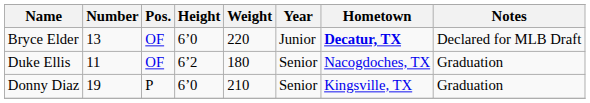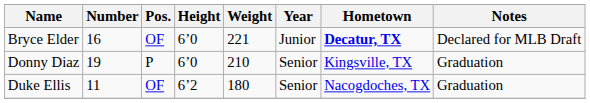 <table class="wikitable sortable collapsible">
 <tr>
 </tr>
 <tr>
 <th style="text-align:center; ">Name</th>
 <th style="text-align:center; ">Number</th>
 <th style="text-align:center; ">Pos.</th>
 <th style="text-align:center; ">Height</th>
 <th style="text-align:center; ">Weight</th>
 <th style="text-align:center; ">Year</th>
 <th style="text-align:center; ">Hometown</th>
 <th style="text-align:center; ">Notes</th>
 </tr>
 <tr>
 <td>Bryce Elder</td>
-<td>13</td>
+<td>16</td>
 <td><a href='#'>OF</a></td>
 <td>6’0</td>
-<td>220</td>
+<td>221</td>
 <td>Junior</td>
 <td><strong><a href='#'>Decatur, TX</a></strong></td>
 <td>Declared for MLB Draft</td>
+</tr>
+<tr>
+<td>Donny Diaz</td>
+<td>19</td>
+<td>P</td>
+<td>6’0</td>
+<td>210</td>
+<td>Senior</td>
+<td><a href='#'>Kingsville, TX</a></td>
+<td>Graduation</td>
 </tr>
 <tr>
 <td>Duke Ellis</td>
 <td>11</td>
 <td><a href='#'>OF</a></td>
 <td>6’2</td>
 <td>180</td>
 <td>Senior</td>
 <td><a href='#'>Nacogdoches, TX</a></td>
 <td>Graduation</td>
 </tr>
 <tr>
-<td>Donny Diaz</td>
-<td>19</td>
-<td>P</td>
-<td>6’0</td>
-<td>210</td>
-<td>Senior</td>
-<td><a href='#'>Kingsville, TX</a></td>
-<td>Graduation</td>
-</tr>
-<tr>
 </tr>
 </table>
